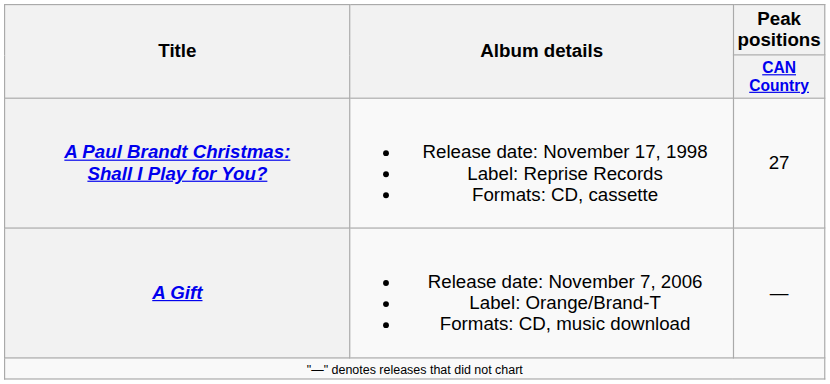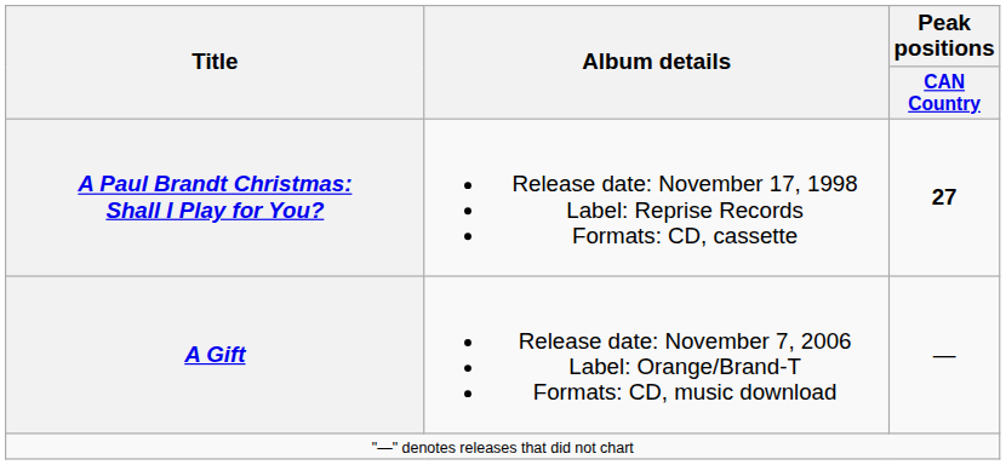 <table class="wikitable plainrowheaders" style="text-align:center;">
 <tr>
 <th rowspan="2" style="width:18em;">Title</th>
 <th rowspan="2" style="width:20em;">Album details</th>
 <th colspan="1">Peak positions</th>
 </tr>
 <tr style="font-size:smaller;">
 <th style="width:4em;"><a href='#'>CAN Country</a><br></th>
 </tr>
 <tr>
 <th scope="row"><em><a href='#'>A Paul Brandt Christmas:<br>Shall I Play for You?</a></em></th>
 <td><br><ul><li>Release date: November 17, 1998</li><li>Label: Reprise Records</li><li>Formats: CD, cassette</li></ul></td>
-<td>27</td>
+<td><strong>27</strong></td>
 </tr>
 <tr>
 <th scope="row"><em><a href='#'>A Gift</a></em></th>
 <td><br><ul><li>Release date: November 7, 2006</li><li>Label: Orange/Brand-T</li><li>Formats: CD, music download</li></ul></td>
 <td>—</td>
 </tr>
 <tr>
 <td colspan="10" style="font-size:8pt">"—" denotes releases that did not chart</td>
 </tr>
 </table>
